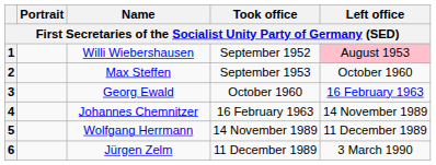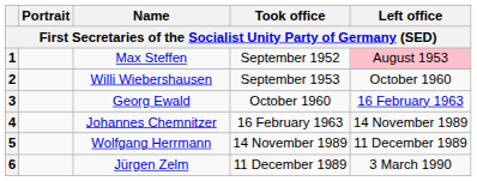 <table class="wikitable" style="text-align:center">
 <tr>
 <th></th>
 <th>Portrait</th>
 <th width=180>Name<br></th>
 <th>Took office</th>
 <th>Left office</th>
 </tr>
 <tr>
 <th colspan=5>First Secretaries of the <a href='#'>Socialist Unity Party of Germany</a> (SED)</th>
 </tr>
 <tr>
 <th style="background:">1</th>
 <td></td>
-<td><a href='#'>Willi Wiebershausen</a><br></td>
+<td><a href='#'>Max Steffen</a><br></td>
 <td>September 1952</td>
 <td style="background: pink;">August 1953</td>
 </tr>
 <tr>
 <th style="background:">2</th>
 <td></td>
-<td><a href='#'>Max Steffen</a><br></td>
+<td><a href='#'>Willi Wiebershausen</a><br></td>
 <td>September 1953</td>
 <td>October 1960<br></td>
 </tr>
 <tr>
 <th style="background:">3</th>
 <td></td>
 <td><a href='#'>Georg Ewald</a><br></td>
 <td>October 1960</td>
 <td><a href='#'>16 February 1963<br></a></td>
 </tr>
 <tr>
 <th style="background:">4</th>
 <td></td>
 <td><a href='#'>Johannes Chemnitzer</a><br></td>
 <td>16 February 1963</td>
 <td>14 November 1989<br></td>
 </tr>
 <tr>
 <th style="background:">5</th>
 <td></td>
 <td><a href='#'>Wolfgang Herrmann</a><br></td>
 <td>14 November 1989</td>
 <td>11 December 1989</td>
 </tr>
 <tr>
 <th style="background:">6</th>
 <td></td>
 <td><a href='#'>Jürgen Zelm</a><br></td>
 <td>11 December 1989</td>
 <td>3 March 1990</td>
 </tr>
 </table>
